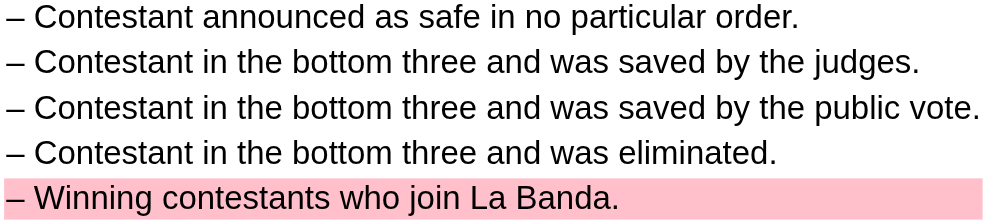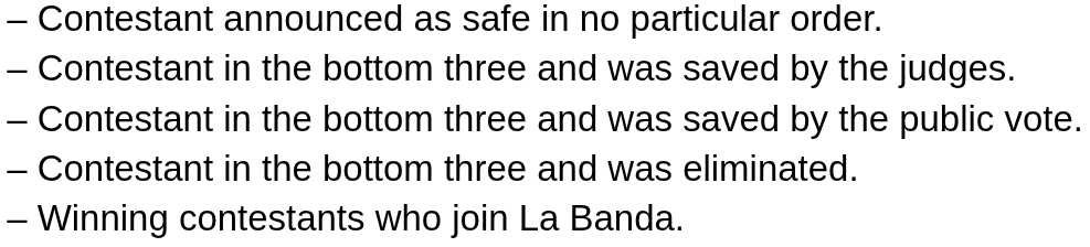 <table>
 <tr>
 <td> – Contestant announced as safe in no particular order.</td>
 </tr>
 <tr>
 <td> – Contestant in the bottom three and was saved by the judges.</td>
 </tr>
 <tr>
 <td> – Contestant in the bottom three and was saved by the public vote.</td>
 </tr>
 <tr>
 <td> – Contestant in the bottom three and was eliminated.</td>
 </tr>
 <tr>
-<td style="background: pink;"> – Winning contestants who join La Banda.</td>
+<td> – Winning contestants who join La Banda.</td>
 </tr>
 </table>
